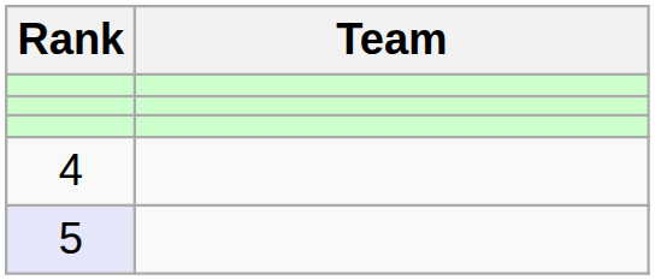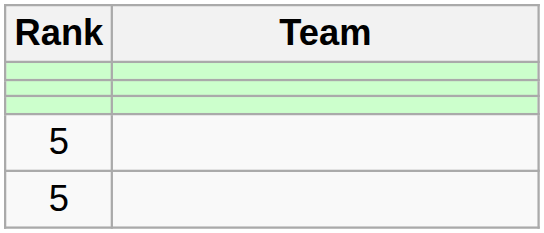 <table class="wikitable" style="text-align: center;">
 <tr>
 <th width=40>Rank</th>
 <th width=180>Team</th>
 </tr>
 <tr bgcolor=#CCFFCC>
 <td></td>
 <td style="text-align:left;"></td>
 </tr>
 <tr bgcolor=#CCFFCC>
 <td></td>
 <td style="text-align:left;"></td>
 </tr>
 <tr bgcolor=#CCFFCC>
 <td></td>
 <td style="text-align:left;"></td>
 </tr>
 <tr>
-<td>4</td>
+<td>5</td>
 <td style="text-align:left;"></td>
 </tr>
 <tr align=center>
-<td style="background: lavender;">5</td>
+<td>5</td>
 <td style="text-align:left;"></td>
 </tr>
 </table>
